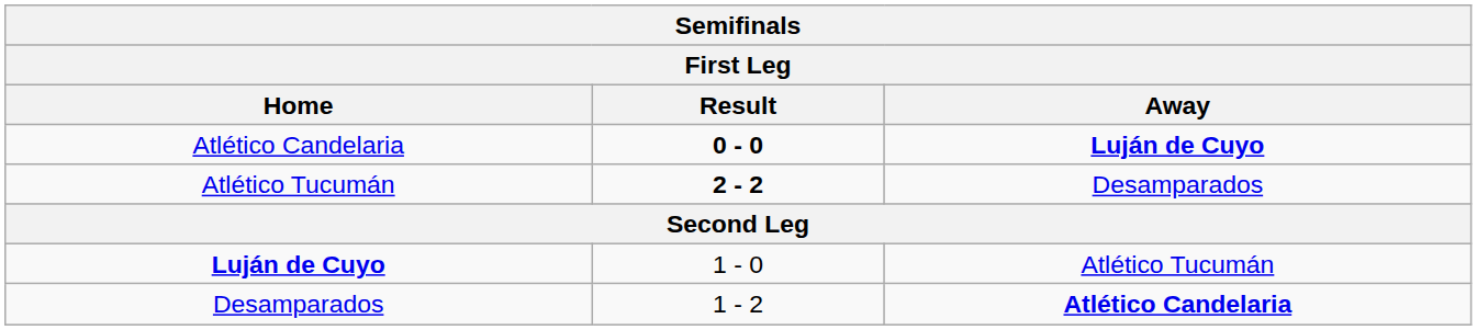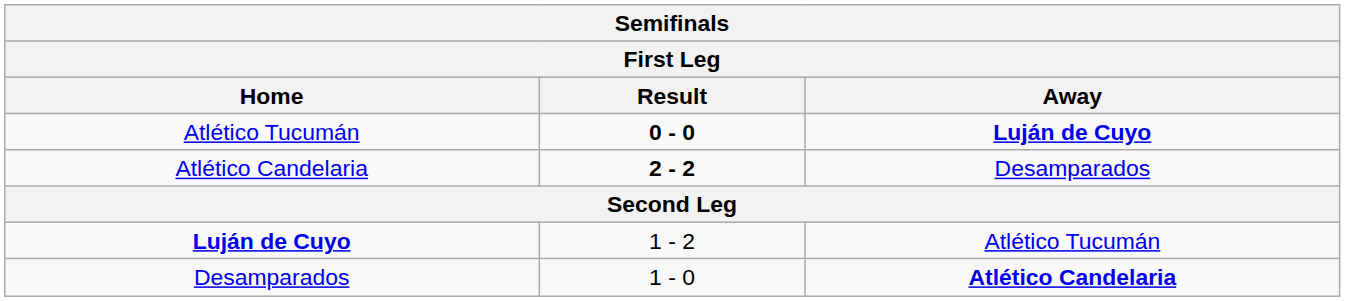 <table align=center class="wikitable collapsible collapsed" style="font-size:95%; text-align: center; width: 70%;">
 <tr>
 <th colspan=100% style="with: 100%;" align=center>Semifinals</th>
 </tr>
 <tr>
 <th colspan=100% style="with: 75%;" align=center>First Leg</th>
 </tr>
 <tr>
 <th width=30%>Home</th>
 <th width=15%>Result</th>
 <th width=30%>Away</th>
 </tr>
 <tr align=center>
-<td><a href='#'>Atlético Candelaria</a></td>
+<td><a href='#'>Atlético Tucumán</a></td>
 <td><strong>0 - 0</strong></td>
 <td><strong><a href='#'>Luján de Cuyo</a></strong></td>
 </tr>
 <tr align=center>
-<td><a href='#'>Atlético Tucumán</a></td>
+<td><a href='#'>Atlético Candelaria</a></td>
 <td><strong>2 - 2</strong></td>
 <td><a href='#'>Desamparados</a></td>
 </tr>
 <tr>
 <th colspan=100% style="with: 75%;" align=center>Second Leg</th>
 </tr>
 <tr align=center>
 <td><strong><a href='#'>Luján de Cuyo</a></strong></td>
-<td>1 - 0</td>
+<td>1 - 2</td>
 <td><a href='#'>Atlético Tucumán</a></td>
 </tr>
 <tr align=center>
 <td><a href='#'>Desamparados</a></td>
-<td>1 - 2</td>
+<td>1 - 0</td>
 <td><strong><a href='#'>Atlético Candelaria</a></strong></td>
 </tr>
 </table>
